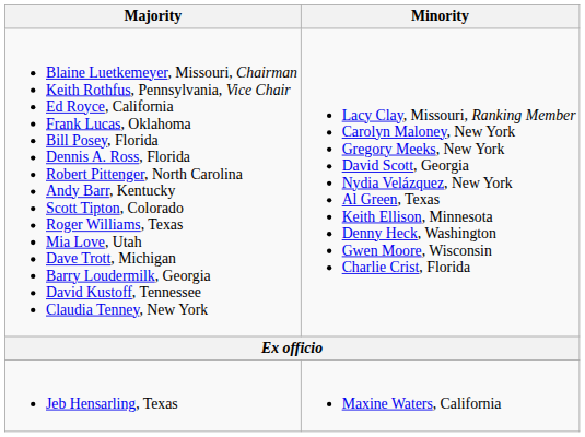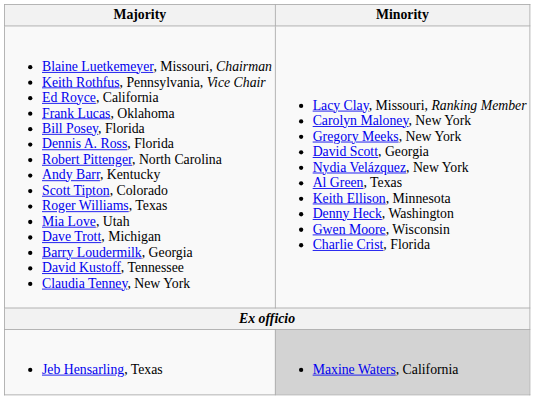 <table class=wikitable>
 <tr>
 <th>Majority</th>
 <th>Minority</th>
 </tr>
 <tr>
 <td><br><ul><li><a href='#'>Blaine Luetkemeyer</a>, Missouri, <em>Chairman</em></li><li><a href='#'>Keith Rothfus</a>, Pennsylvania, <em>Vice Chair</em></li><li><a href='#'>Ed Royce</a>, California</li><li><a href='#'>Frank Lucas</a>, Oklahoma</li><li><a href='#'>Bill Posey</a>, Florida</li><li><a href='#'>Dennis A. Ross</a>, Florida</li><li><a href='#'>Robert Pittenger</a>, North Carolina</li><li><a href='#'>Andy Barr</a>, Kentucky</li><li><a href='#'>Scott Tipton</a>, Colorado</li><li><a href='#'>Roger Williams</a>, Texas</li><li><a href='#'>Mia Love</a>, Utah</li><li><a href='#'>Dave Trott</a>, Michigan</li><li><a href='#'>Barry Loudermilk</a>, Georgia</li><li><a href='#'>David Kustoff</a>, Tennessee</li><li><a href='#'>Claudia Tenney</a>, New York</li></ul></td>
 <td><br><ul><li><a href='#'>Lacy Clay</a>, Missouri, <em>Ranking Member</em></li><li><a href='#'>Carolyn Maloney</a>, New York</li><li><a href='#'>Gregory Meeks</a>, New York</li><li><a href='#'>David Scott</a>, Georgia</li><li><a href='#'>Nydia Velázquez</a>, New York</li><li><a href='#'>Al Green</a>, Texas</li><li><a href='#'>Keith Ellison</a>, Minnesota</li><li><a href='#'>Denny Heck</a>, Washington</li><li><a href='#'>Gwen Moore</a>, Wisconsin</li><li><a href='#'>Charlie Crist</a>, Florida</li></ul></td>
 </tr>
 <tr>
 <th colspan=2><em>Ex officio</em></th>
 </tr>
 <tr>
 <td><br><ul><li><a href='#'>Jeb Hensarling</a>, Texas</li></ul></td>
-<td><br><ul><li><a href='#'>Maxine Waters</a>, California</li></ul></td>
+<td style="background: lightgrey;"><br><ul><li><a href='#'>Maxine Waters</a>, California</li></ul></td>
 </tr>
 </table>
